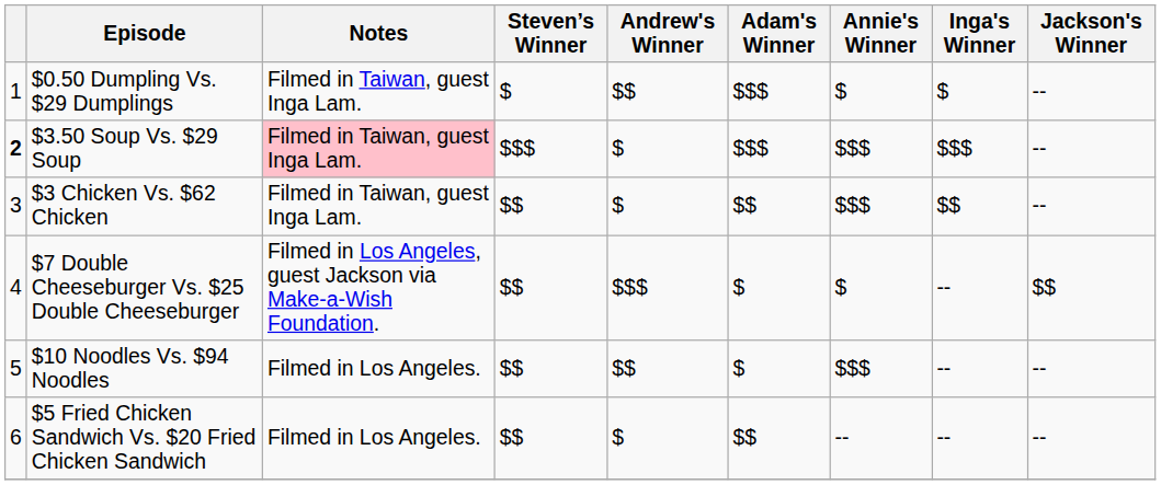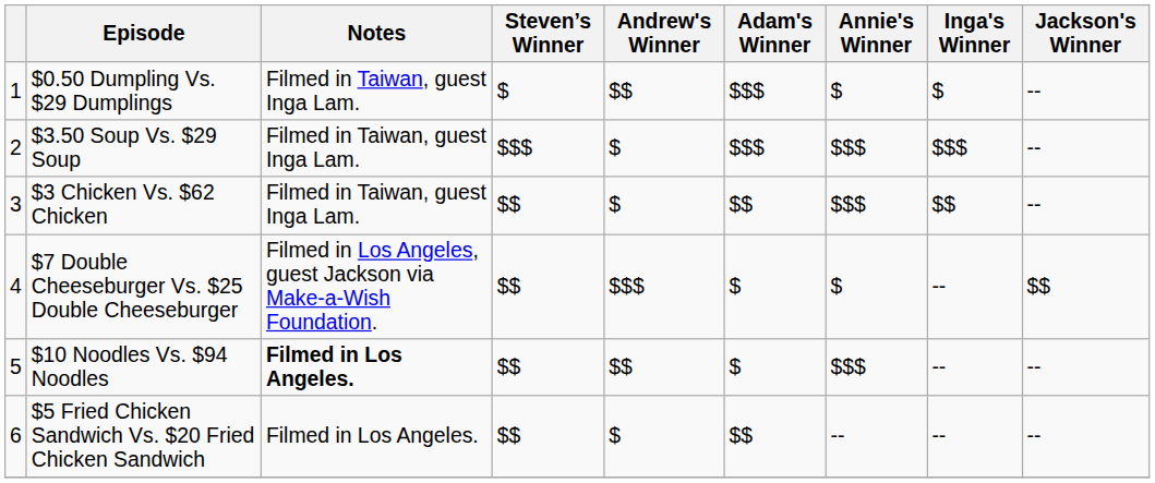 <table class="wikitable">
 <tr>
 <th></th>
 <th>Episode</th>
 <th>Notes</th>
 <th>Steven’s Winner</th>
 <th>Andrew's Winner</th>
 <th>Adam's Winner</th>
 <th>Annie's Winner</th>
 <th>Inga's Winner</th>
 <th>Jackson's Winner</th>
 </tr>
 <tr>
 <td>1</td>
 <td>$0.50 Dumpling Vs. $29 Dumplings</td>
 <td>Filmed in <a href='#'>Taiwan</a>, guest Inga Lam.</td>
 <td>$</td>
 <td>$$</td>
 <td>$$$</td>
 <td>$</td>
 <td>$</td>
 <td>--</td>
 </tr>
 <tr>
-<td><strong>2</strong></td>
+<td>2</td>
 <td>$3.50 Soup Vs. $29 Soup</td>
-<td style="background: pink;">Filmed in Taiwan, guest Inga Lam.</td>
+<td>Filmed in Taiwan, guest Inga Lam.</td>
 <td>$$$</td>
 <td>$</td>
 <td>$$$</td>
 <td>$$$</td>
 <td>$$$</td>
 <td>--</td>
 </tr>
 <tr>
 <td>3</td>
 <td>$3 Chicken Vs. $62 Chicken</td>
 <td>Filmed in Taiwan, guest Inga Lam.</td>
 <td>$$</td>
 <td>$</td>
 <td>$$</td>
 <td>$$$</td>
 <td>$$</td>
 <td>--</td>
 </tr>
 <tr>
 <td>4</td>
 <td>$7 Double Cheeseburger Vs. $25 Double Cheeseburger</td>
 <td>Filmed in <a href='#'>Los Angeles</a>, guest Jackson via <a href='#'>Make-a-Wish Foundation</a>.</td>
 <td>$$</td>
 <td>$$$</td>
 <td>$</td>
 <td>$</td>
 <td>--</td>
 <td>$$</td>
 </tr>
 <tr>
 <td>5</td>
 <td>$10 Noodles Vs. $94 Noodles</td>
-<td>Filmed in Los Angeles.</td>
+<td><strong>Filmed in Los Angeles.</strong></td>
 <td>$$</td>
 <td>$$</td>
 <td>$</td>
 <td>$$$</td>
 <td>--</td>
 <td>--</td>
 </tr>
 <tr>
 <td>6</td>
 <td>$5 Fried Chicken Sandwich Vs. $20 Fried Chicken Sandwich</td>
 <td>Filmed in Los Angeles.</td>
 <td>$$</td>
 <td>$</td>
 <td>$$</td>
 <td>--</td>
 <td>--</td>
 <td>--</td>
 </tr>
 <tr>
 </tr>
 </table>
